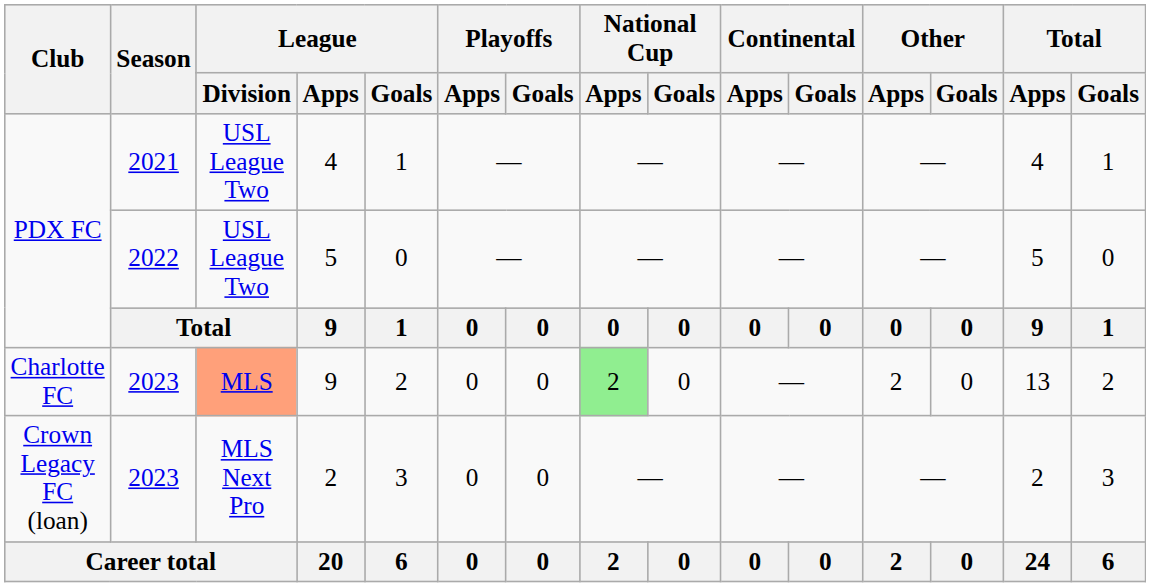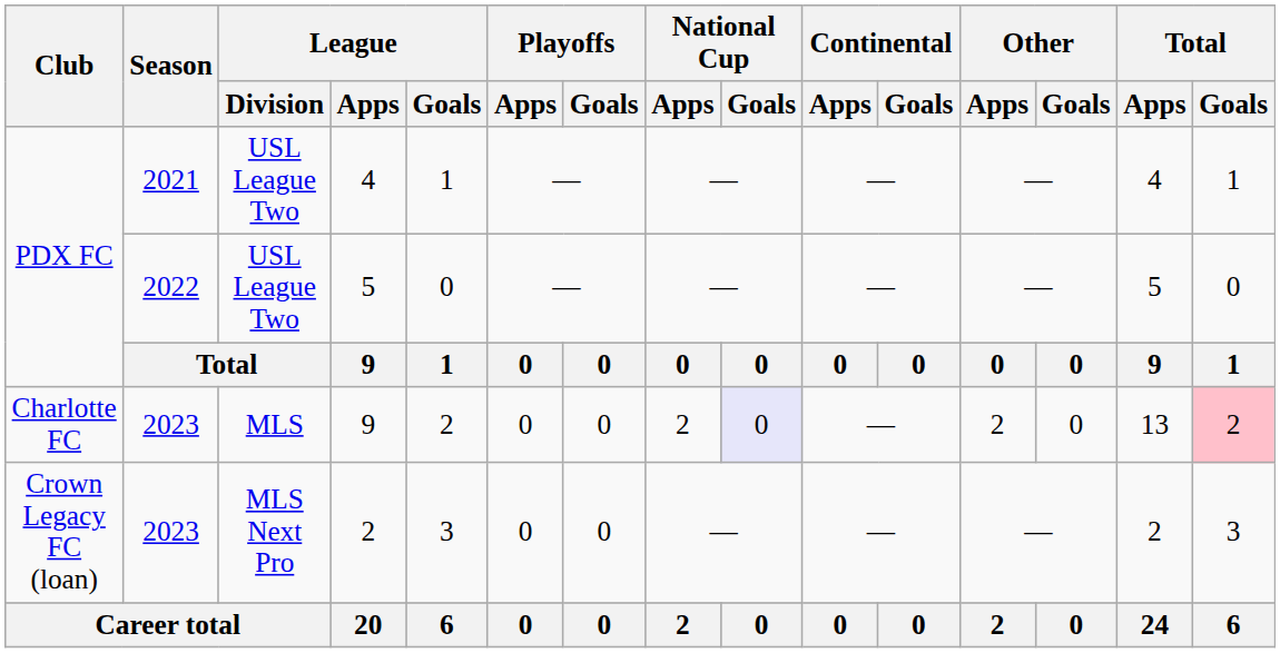 <table class=wikitable style="text-align: center;">
 <tr>
 <th rowspan=2>Club</th>
 <th rowspan=2>Season</th>
 <th colspan=3>League</th>
 <th colspan=2>Playoffs</th>
 <th colspan=2>National Cup</th>
 <th colspan=2>Continental</th>
 <th colspan=2>Other</th>
 <th colspan=2>Total</th>
 </tr>
 <tr>
 <th>Division</th>
 <th>Apps</th>
 <th>Goals</th>
 <th>Apps</th>
 <th>Goals</th>
 <th>Apps</th>
 <th>Goals</th>
 <th>Apps</th>
 <th>Goals</th>
 <th>Apps</th>
 <th>Goals</th>
 <th>Apps</th>
 <th>Goals</th>
 </tr>
 <tr>
 <td rowspan=3><a href='#'>PDX FC</a></td>
 <td><a href='#'>2021</a></td>
 <td><a href='#'>USL League Two</a></td>
 <td>4</td>
 <td>1</td>
 <td colspan=2>—</td>
 <td colspan=2>—</td>
 <td colspan=2>—</td>
 <td colspan=2>—</td>
 <td>4</td>
 <td>1</td>
 </tr>
 <tr>
 <td><a href='#'>2022</a></td>
 <td><a href='#'>USL League Two</a></td>
 <td>5</td>
 <td>0</td>
 <td colspan=2>—</td>
 <td colspan=2>—</td>
 <td colspan=2>—</td>
 <td colspan=2>—</td>
 <td>5</td>
 <td>0</td>
 </tr>
 <tr>
 <th colspan=2>Total</th>
 <th>9</th>
 <th>1</th>
 <th>0</th>
 <th>0</th>
 <th>0</th>
 <th>0</th>
 <th>0</th>
 <th>0</th>
 <th>0</th>
 <th>0</th>
 <th>9</th>
 <th>1</th>
 </tr>
 <tr>
 <td><a href='#'>Charlotte FC</a></td>
 <td><a href='#'>2023</a></td>
-<td style="background: lightsalmon;"><a href='#'>MLS</a></td>
+<td><a href='#'>MLS</a></td>
 <td>9</td>
 <td>2</td>
 <td>0</td>
 <td>0</td>
-<td style="background: lightgreen;">2</td>
-<td>0</td>
+<td>2</td>
+<td style="background: lavender;">0</td>
 <td colspan=2>—</td>
 <td>2</td>
 <td>0</td>
 <td>13</td>
-<td>2</td>
+<td style="background: pink;">2</td>
 </tr>
 <tr>
 <td><a href='#'>Crown Legacy FC</a> (loan)</td>
 <td><a href='#'>2023</a></td>
 <td><a href='#'>MLS Next Pro</a></td>
 <td>2</td>
 <td>3</td>
 <td>0</td>
 <td>0</td>
 <td colspan=2>—</td>
 <td colspan=2>—</td>
 <td colspan=2>—</td>
 <td>2</td>
 <td>3</td>
 </tr>
 <tr>
 <th colspan=3>Career total</th>
 <th>20</th>
 <th>6</th>
 <th>0</th>
 <th>0</th>
 <th>2</th>
 <th>0</th>
 <th>0</th>
 <th>0</th>
 <th>2</th>
 <th>0</th>
 <th>24</th>
 <th>6</th>
 </tr>
 </table>
